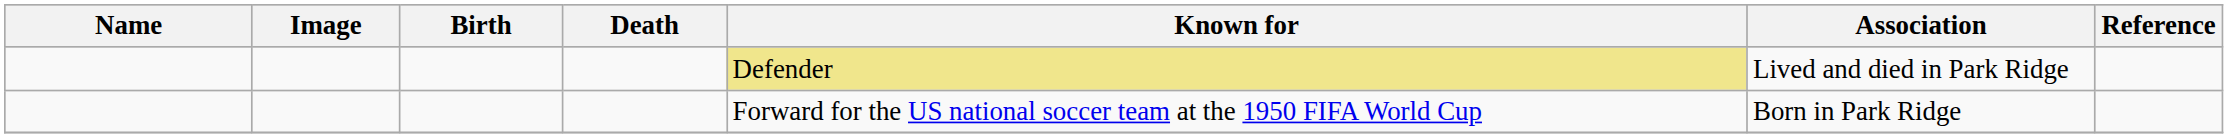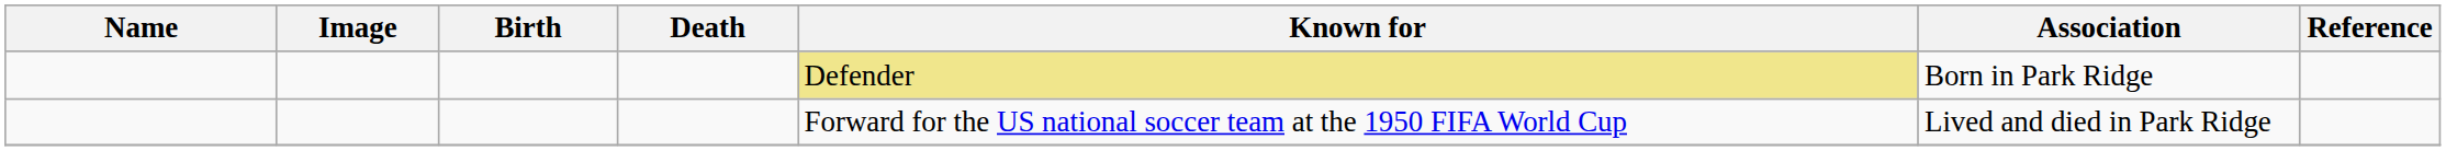 <table class="wikitable sortable">
 <tr>
 <th scope="col" width="140">Name</th>
 <th scope="col" width="80" class="unsortable">Image</th>
 <th scope="col" width="90">Birth</th>
 <th scope="col" width="90">Death</th>
 <th scope="col" width="600" class="unsortable">Known for</th>
 <th scope="col" width="200" class="unsortable">Association</th>
 <th scope="col" width="30" class="unsortable">Reference</th>
 </tr>
 <tr>
 <td></td>
 <td></td>
 <td align=right></td>
 <td></td>
 <td style="background: khaki;">Defender</td>
-<td>Lived and died in Park Ridge</td>
+<td>Born in Park Ridge</td>
 <td></td>
 </tr>
 <tr>
 <td></td>
 <td></td>
 <td align=right></td>
 <td align=right></td>
 <td>Forward for the <a href='#'>US national soccer team</a> at the <a href='#'>1950 FIFA World Cup</a></td>
-<td>Born in Park Ridge</td>
+<td>Lived and died in Park Ridge</td>
 <td align="center"></td>
 </tr>
 <tr>
 </tr>
 </table>
